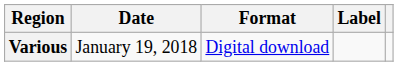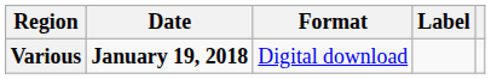 <table class="wikitable sortable plainrowheaders">
 <tr>
 <th scope="col">Region</th>
 <th scope="col">Date</th>
 <th scope="col">Format</th>
 <th scope="col">Label</th>
 <th scope="col"></th>
 </tr>
 <tr>
 <th scope="row">Various</th>
-<td>January 19, 2018</td>
+<td><strong>January 19, 2018</strong></td>
 <td><a href='#'>Digital download</a></td>
 <td rowspan="3"></td>
 <td></td>
 </tr>
 </table>
